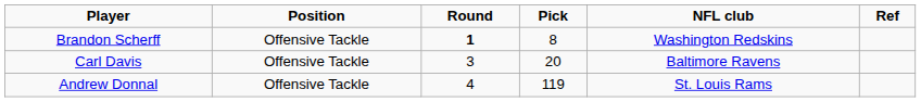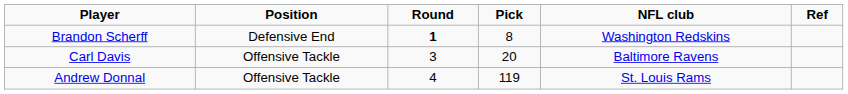 <table class="wikitable" width="80%">
 <tr align="center">
 <td><strong>Player</strong></td>
 <td><strong>Position</strong></td>
 <td><strong>Round</strong></td>
 <td><strong>Pick</strong></td>
 <td><strong>NFL club</strong></td>
 <td><strong>Ref</strong></td>
 </tr>
 <tr align="center" bgcolor="">
 <td><a href='#'>Brandon Scherff</a></td>
-<td>Offensive Tackle</td>
+<td>Defensive End</td>
 <td><strong>1</strong></td>
 <td>8</td>
 <td><a href='#'>Washington Redskins</a></td>
 <td></td>
 </tr>
 <tr align="center" bgcolor="">
 <td><a href='#'>Carl Davis</a></td>
 <td>Offensive Tackle</td>
 <td>3</td>
 <td>20</td>
 <td><a href='#'>Baltimore Ravens</a></td>
 <td></td>
 </tr>
 <tr align="center" bgcolor="">
 <td><a href='#'>Andrew Donnal</a></td>
 <td>Offensive Tackle</td>
 <td>4</td>
 <td>119</td>
 <td><a href='#'>St. Louis Rams</a></td>
 <td></td>
 </tr>
 </table>
